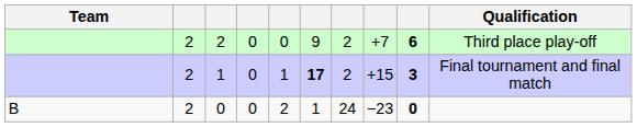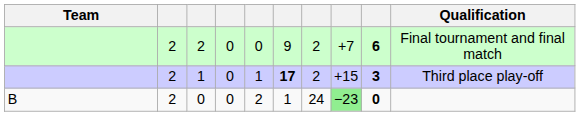 <table class="wikitable" style="text-align: center;">
 <tr>
 <th width="165">Team</th>
 <th width="25"></th>
 <th width="25"></th>
 <th width="25"></th>
 <th width="25"></th>
 <th width="25"></th>
 <th width="25"></th>
 <th width="25"></th>
 <th width="25"></th>
 <th width="200">Qualification</th>
 </tr>
 <tr style="background:#ccffcc;">
 <td style="text-align:left;"></td>
 <td>2</td>
 <td>2</td>
 <td>0</td>
 <td>0</td>
 <td>9</td>
 <td>2</td>
 <td>+7</td>
 <td><strong>6</strong></td>
-<td>Third place play-off</td>
+<td>Final tournament and final match</td>
 </tr>
 <tr align=center bgcolor="#ccccff">
 <td style="text-align:left;"></td>
 <td>2</td>
 <td>1</td>
 <td>0</td>
 <td>1</td>
 <td><strong>17</strong></td>
 <td>2</td>
 <td>+15</td>
 <td><strong>3</strong></td>
-<td>Final tournament and final match</td>
+<td>Third place play-off</td>
 </tr>
 <tr align=center>
 <td style="text-align:left;"> B</td>
 <td>2</td>
 <td>0</td>
 <td>0</td>
 <td>2</td>
 <td>1</td>
 <td>24</td>
-<td>−23</td>
+<td style="background: lightgreen;">−23</td>
 <td><strong>0</strong></td>
 <td></td>
 </tr>
 </table>
